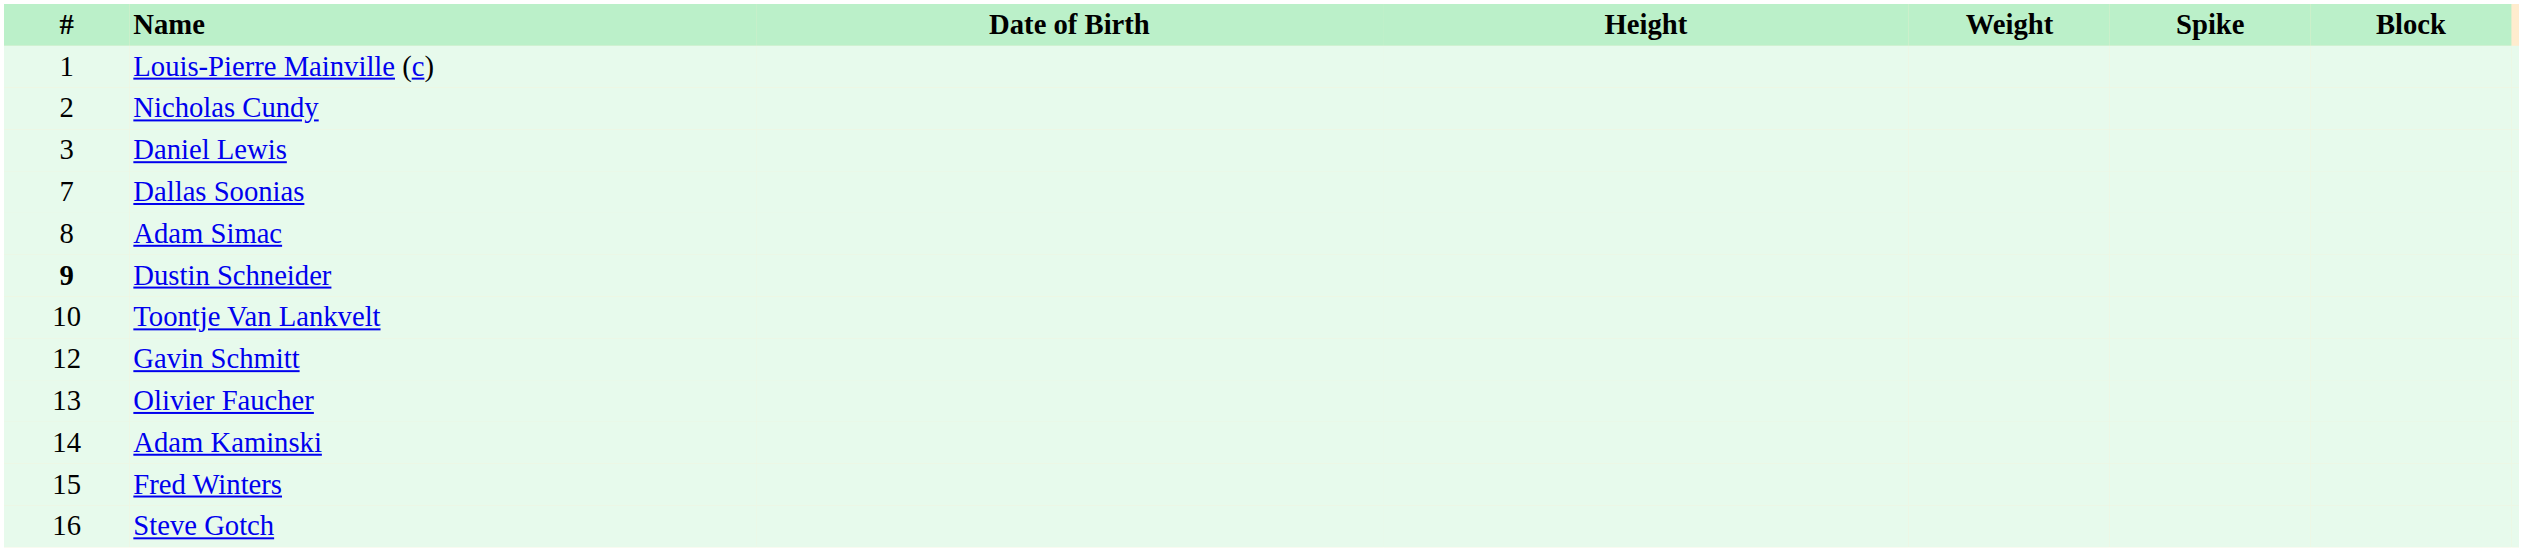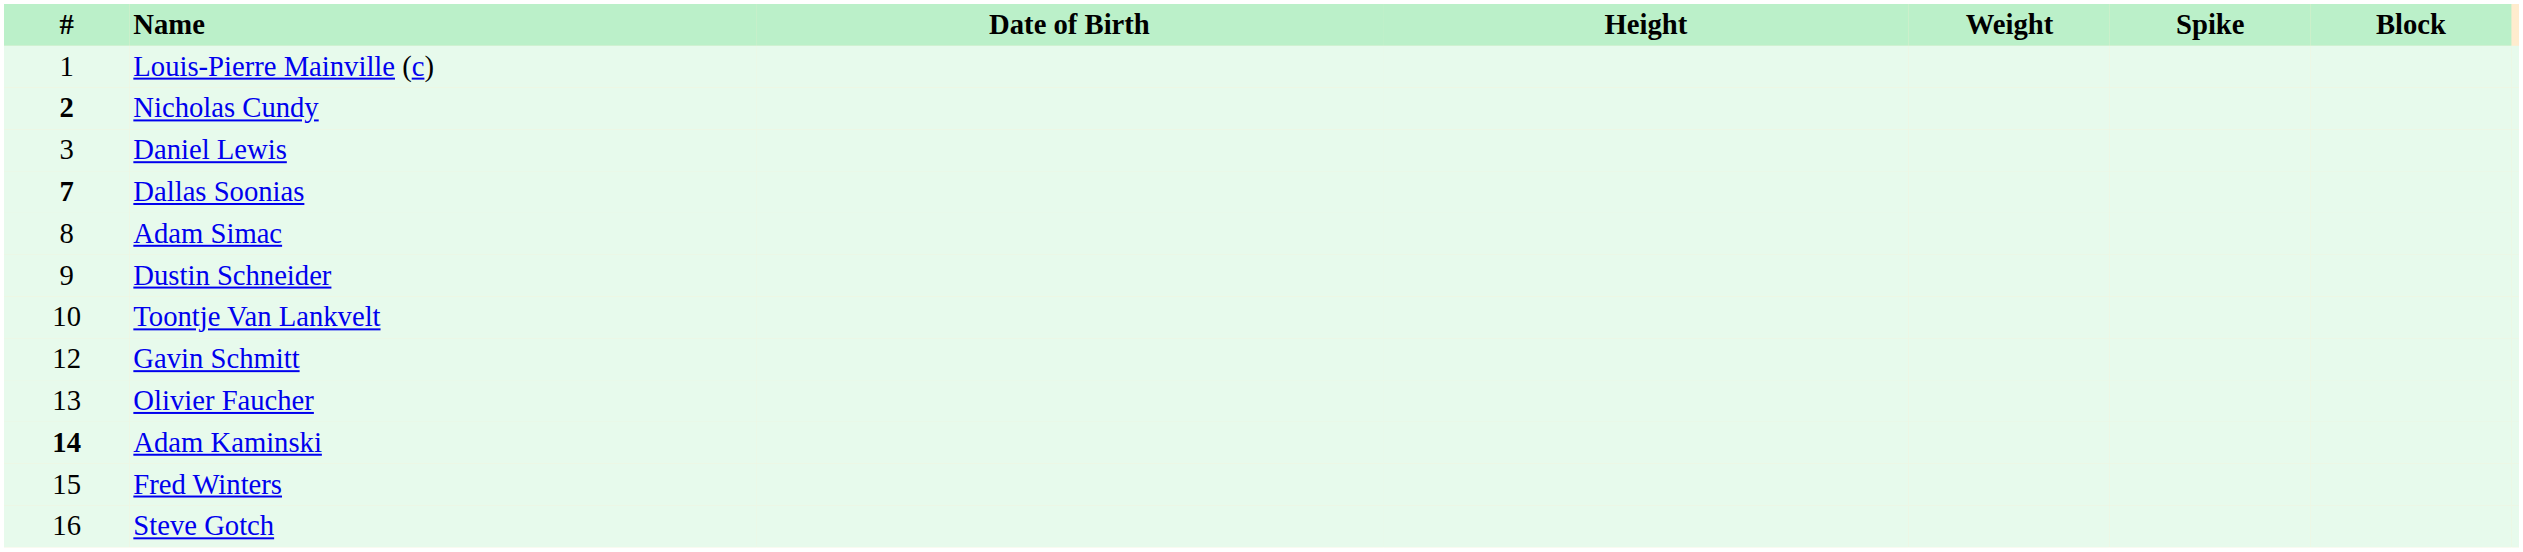 <table border=0 cellpadding=2 cellspacing=0  |- bgcolor=#FFECCE style="text-align:center; font-size:90%;" width=100%>
 <tr bgcolor=#BBF0C9>
 <th width=5%>#</th>
 <th width=25% align=left>Name</th>
 <th width=25%>Date of Birth</th>
 <th width=21%>Height</th>
 <th width=8%>Weight</th>
 <th width=8%>Spike</th>
 <th width=8%>Block</th>
 </tr>
 <tr bgcolor=#E7FAEC>
 <td>1</td>
 <td align=left><a href='#'>Louis-Pierre Mainville</a> (<a href='#'>c</a>)</td>
 <td></td>
 <td></td>
 <td></td>
 <td></td>
 <td></td>
 <td></td>
 </tr>
 <tr bgcolor=#E7FAEC>
-<td>2</td>
+<td><strong>2</strong></td>
 <td align=left><a href='#'>Nicholas Cundy</a></td>
 <td></td>
 <td></td>
 <td></td>
 <td></td>
 <td></td>
 <td></td>
 </tr>
 <tr bgcolor=#E7FAEC>
 <td>3</td>
 <td align=left><a href='#'>Daniel Lewis</a></td>
 <td></td>
 <td></td>
 <td></td>
 <td></td>
 <td></td>
 <td></td>
 </tr>
 <tr bgcolor=#E7FAEC>
-<td>7</td>
+<td><strong>7</strong></td>
 <td align=left><a href='#'>Dallas Soonias</a></td>
 <td></td>
 <td></td>
 <td></td>
 <td></td>
 <td></td>
 <td></td>
 </tr>
 <tr bgcolor=#E7FAEC>
 <td>8</td>
 <td align=left><a href='#'>Adam Simac</a></td>
 <td></td>
 <td></td>
 <td></td>
 <td></td>
 <td></td>
 <td></td>
 </tr>
 <tr bgcolor=#E7FAEC>
-<td><strong>9</strong></td>
+<td>9</td>
 <td align=left><a href='#'>Dustin Schneider</a></td>
 <td></td>
 <td></td>
 <td></td>
 <td></td>
 <td></td>
 <td></td>
 </tr>
 <tr bgcolor=#E7FAEC>
 <td>10</td>
 <td align=left><a href='#'>Toontje Van Lankvelt</a></td>
 <td></td>
 <td></td>
 <td></td>
 <td></td>
 <td></td>
 <td></td>
 </tr>
 <tr bgcolor=#E7FAEC>
 <td>12</td>
 <td align=left><a href='#'>Gavin Schmitt</a></td>
 <td></td>
 <td></td>
 <td></td>
 <td></td>
 <td></td>
 <td></td>
 </tr>
 <tr bgcolor=#E7FAEC>
 <td>13</td>
 <td align=left><a href='#'>Olivier Faucher</a></td>
 <td></td>
 <td></td>
 <td></td>
 <td></td>
 <td></td>
 <td></td>
 </tr>
 <tr bgcolor=#E7FAEC>
-<td>14</td>
+<td><strong>14</strong></td>
 <td align=left><a href='#'>Adam Kaminski</a></td>
 <td></td>
 <td></td>
 <td></td>
 <td></td>
 <td></td>
 <td></td>
 </tr>
 <tr bgcolor=#E7FAEC>
 <td>15</td>
 <td align=left><a href='#'>Fred Winters</a></td>
 <td></td>
 <td></td>
 <td></td>
 <td></td>
 <td></td>
 <td></td>
 </tr>
 <tr bgcolor=#E7FAEC>
 <td>16</td>
 <td align=left><a href='#'>Steve Gotch</a></td>
 <td></td>
 <td></td>
 <td></td>
 <td></td>
 <td></td>
 <td></td>
 </tr>
 </table>
